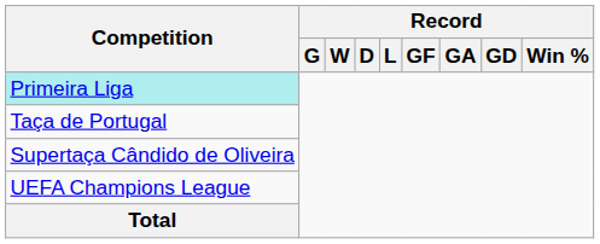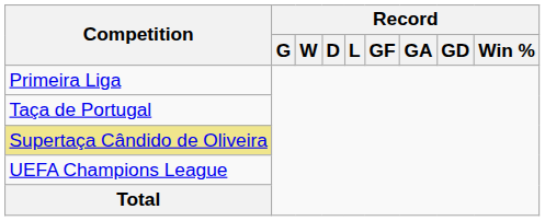 <table class="wikitable" style="text-align: center">
 <tr>
 <th rowspan="2">Competition</th>
 <th colspan="9">Record</th>
 </tr>
 <tr>
 <th>G</th>
 <th>W</th>
 <th>D</th>
 <th>L</th>
 <th>GF</th>
 <th>GA</th>
 <th>GD</th>
 <th>Win %</th>
 </tr>
 <tr>
-<td style="background: paleturquoise; text-align: left"><a href='#'>Primeira Liga</a><br></td>
+<td style="text-align: left"><a href='#'>Primeira Liga</a><br></td>
 </tr>
 <tr>
 <td style="text-align: left"><a href='#'>Taça de Portugal</a><br></td>
 </tr>
 <tr>
-<td style="text-align: left"><a href='#'>Supertaça Cândido de Oliveira</a><br></td>
+<td style="background: khaki; text-align: left"><a href='#'>Supertaça Cândido de Oliveira</a><br></td>
 </tr>
 <tr>
 <td style="text-align: left"><a href='#'>UEFA Champions League</a><br></td>
 </tr>
 <tr>
 <th>Total<br></th>
 </tr>
 </table>
